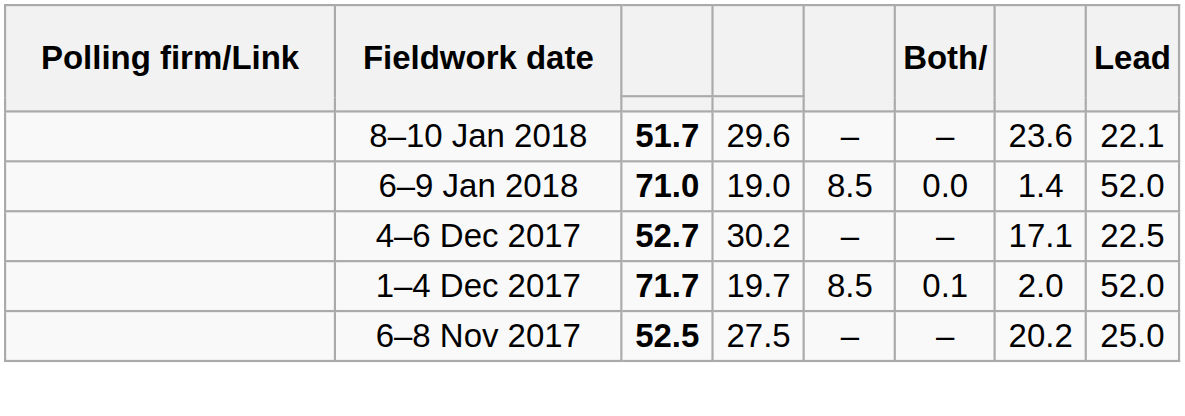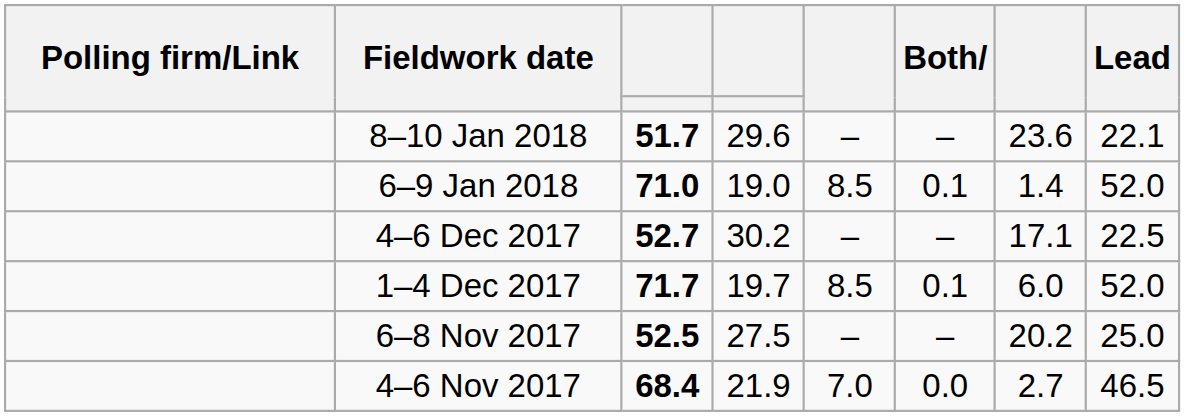 <table class="wikitable collapsible" style="text-align:center; font-size:95%; line-height:16px;">
 <tr style="height:42px;">
 <th style="width:145px;" rowspan="2">Polling firm/Link</th>
 <th style="width:125px;" rowspan="2">Fieldwork date</th>
 <th style="width:35px;"></th>
 <th style="width:35px;"></th>
 <th style="width:35px;" rowspan="2"></th>
 <th style="width:35px;" rowspan="2">Both/<br></th>
 <th style="width:35px;" rowspan="2"></th>
 <th style="width:30px;" rowspan="2">Lead</th>
 </tr>
 <tr>
 <th style="color:inherit;background:"></th>
 <th style="color:inherit;background:"></th>
 </tr>
 <tr>
 <td></td>
 <td>8–10 Jan 2018</td>
 <td><strong>51.7</strong></td>
 <td>29.6</td>
 <td>–</td>
 <td>–</td>
 <td>23.6</td>
 <td style="background:">22.1</td>
 </tr>
 <tr>
 <td></td>
 <td>6–9 Jan 2018</td>
 <td><strong>71.0</strong></td>
 <td>19.0</td>
 <td>8.5</td>
-<td>0.0</td>
+<td>0.1</td>
 <td>1.4</td>
 <td style="background:">52.0</td>
 </tr>
 <tr>
 <td></td>
 <td>4–6 Dec 2017</td>
 <td><strong>52.7</strong></td>
 <td>30.2</td>
 <td>–</td>
 <td>–</td>
 <td>17.1</td>
 <td style="background:">22.5</td>
 </tr>
 <tr>
 <td></td>
 <td>1–4 Dec 2017</td>
 <td><strong>71.7</strong></td>
 <td>19.7</td>
 <td>8.5</td>
 <td>0.1</td>
-<td>2.0</td>
+<td>6.0</td>
 <td style="background:">52.0</td>
 </tr>
 <tr>
 <td></td>
 <td>6–8 Nov 2017</td>
 <td><strong>52.5</strong></td>
 <td>27.5</td>
 <td>–</td>
 <td>–</td>
 <td>20.2</td>
 <td style="background:">25.0</td>
 </tr>
+<tr>
+<td></td>
+<td>4–6 Nov 2017</td>
+<td><strong>68.4</strong></td>
+<td>21.9</td>
+<td>7.0</td>
+<td>0.0</td>
+<td>2.7</td>
+<td style="background:">46.5</td>
+</tr>
 </table>
